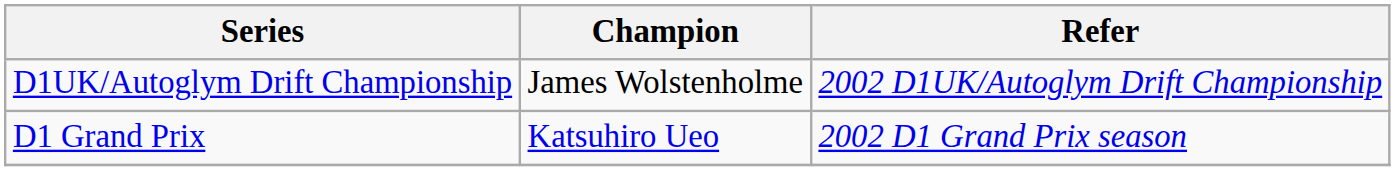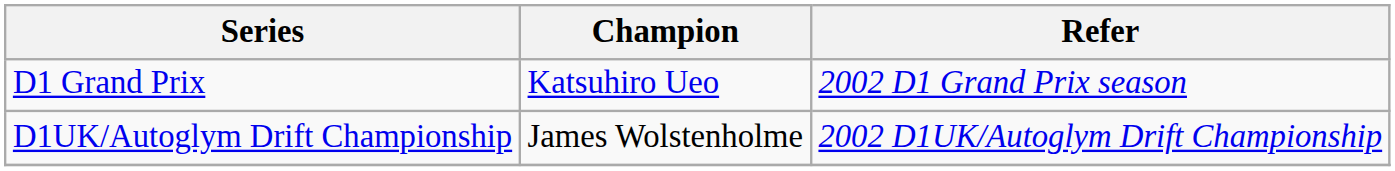 <table class="wikitable" style="font-size:87%;">
 <tr>
 <th>Series</th>
 <th>Champion</th>
 <th>Refer</th>
 </tr>
 <tr>
+<td><a href='#'>D1 Grand Prix</a></td>
+<td> <a href='#'>Katsuhiro Ueo</a></td>
+<td><em><a href='#'>2002 D1 Grand Prix season</a></em></td>
+</tr>
+<tr>
 <td><a href='#'>D1UK/Autoglym Drift Championship</a></td>
 <td> James Wolstenholme</td>
 <td><em><a href='#'>2002 D1UK/Autoglym Drift Championship</a></em></td>
 </tr>
 <tr>
-<td><a href='#'>D1 Grand Prix</a></td>
-<td> <a href='#'>Katsuhiro Ueo</a></td>
-<td><em><a href='#'>2002 D1 Grand Prix season</a></em></td>
-</tr>
-<tr>
 </tr>
 </table>
